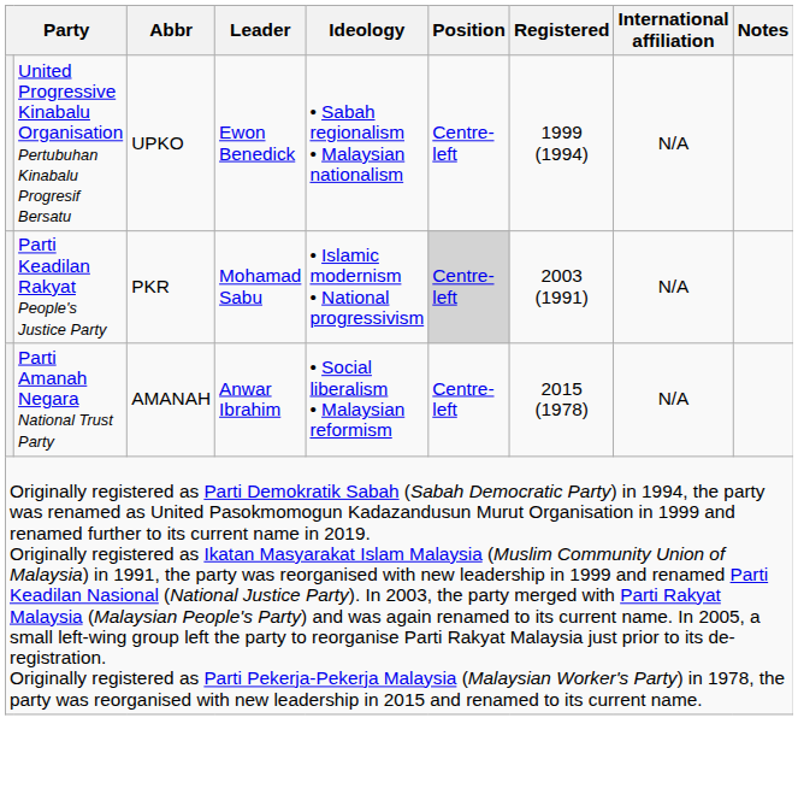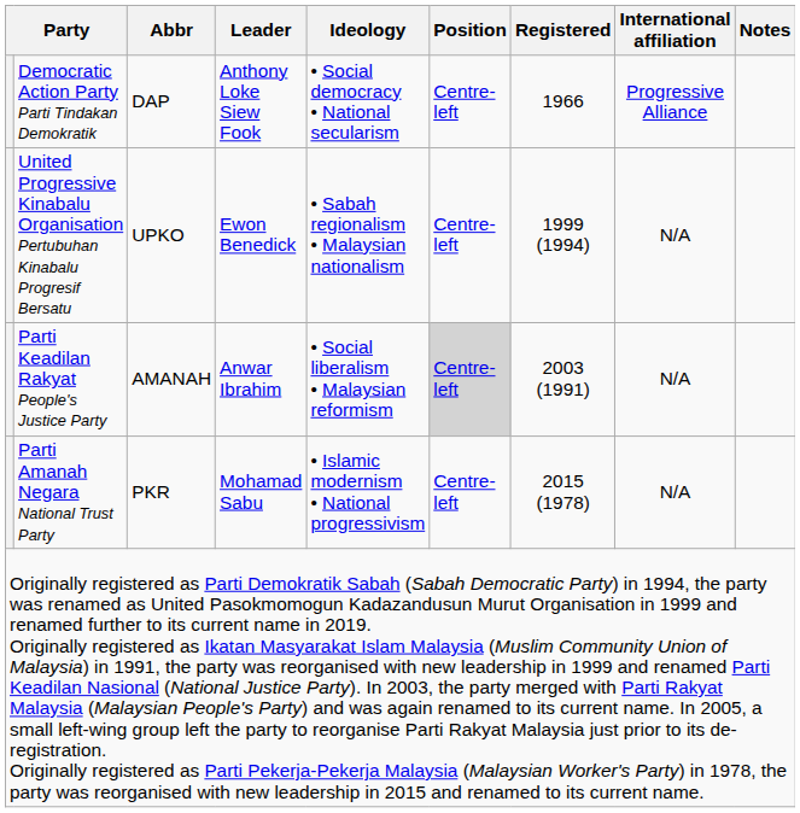 <table class="wikitable sortable collapsible collapsed" width="100%">
 <tr>
 <th colspan="2" scope="col" class="unsortable" width="20px">Party</th>
 <th scope="col" class="unsortable">Abbr</th>
 <th scope="col" class="unsortable">Leader</th>
 <th scope="col" class="unsortable">Ideology</th>
 <th scope="col" class="unsortable">Position</th>
 <th data-sort-type="number" width="10%">Registered</th>
 <th scope="col" class="unsortable">International<br>affiliation</th>
 <th scope="col" class="unsortable">Notes</th>
+</tr>
+<tr>
+<th></th>
+<td><a href='#'>Democratic Action Party</a><br> <small><em>Parti Tindakan Demokratik</em></small></td>
+<td>DAP</td>
+<td><a href='#'>Anthony Loke Siew Fook</a></td>
+<td>• <a href='#'>Social democracy</a> <br> • <a href='#'>National secularism</a></td>
+<td><a href='#'>Centre-left</a></td>
+<td style="text-align:center;">1966</td>
+<td style="text-align:center;"><a href='#'>Progressive Alliance</a></td>
+<td style="text-align:center;"></td>
 </tr>
 <tr>
 <th></th>
 <td><a href='#'>United Progressive Kinabalu Organisation</a><br> <small><em>Pertubuhan Kinabalu Progresif Bersatu</em></small></td>
 <td>UPKO</td>
 <td><a href='#'>Ewon Benedick</a></td>
 <td>• <a href='#'>Sabah regionalism</a> <br> • <a href='#'>Malaysian nationalism</a></td>
 <td><a href='#'>Centre-left</a></td>
 <td style="text-align:center;">1999 (1994)</td>
 <td style="text-align:center;">N/A</td>
 <td style="text-align:center;"></td>
 </tr>
 <tr>
 <th></th>
 <td><a href='#'>Parti Keadilan Rakyat</a><br> <small><em>People's Justice Party</em></small></td>
-<td>PKR</td>
-<td><a href='#'>Mohamad Sabu</a></td>
-<td>• <a href='#'>Islamic modernism</a> <br> • <a href='#'>National progressivism</a></td>
+<td>AMANAH</td>
+<td><a href='#'>Anwar Ibrahim</a></td>
+<td>• <a href='#'>Social liberalism</a> <br> • <a href='#'>Malaysian reformism</a></td>
 <td style="background: lightgrey;"><a href='#'>Centre-left</a></td>
 <td style="text-align:center;">2003 (1991)</td>
 <td style="text-align:center;">N/A</td>
 <td style="text-align:center;"></td>
 </tr>
 <tr>
 <th></th>
 <td><a href='#'>Parti Amanah Negara</a><br> <small><em>National Trust Party</em></small></td>
-<td>AMANAH</td>
-<td><a href='#'>Anwar Ibrahim</a></td>
-<td>• <a href='#'>Social liberalism</a> <br> • <a href='#'>Malaysian reformism</a></td>
+<td>PKR</td>
+<td><a href='#'>Mohamad Sabu</a></td>
+<td>• <a href='#'>Islamic modernism</a> <br> • <a href='#'>National progressivism</a></td>
 <td><a href='#'>Centre-left</a></td>
 <td style="text-align:center;">2015 (1978)</td>
 <td style="text-align:center;">N/A</td>
 <td style="text-align:center;"></td>
 </tr>
 <tr>
 <td colspan=9><br> Originally registered as <a href='#'>Parti Demokratik Sabah</a> (<em>Sabah Democratic Party</em>) in 1994, the party was renamed as United Pasokmomogun Kadazandusun Murut Organisation in 1999 and renamed further to its current name in 2019.<br>  Originally registered as <a href='#'>Ikatan Masyarakat Islam Malaysia</a> (<em>Muslim Community Union of Malaysia</em>) in 1991, the party was reorganised with new leadership in 1999 and renamed <a href='#'>Parti Keadilan Nasional</a> (<em>National Justice Party</em>). In 2003, the party merged with <a href='#'>Parti Rakyat Malaysia</a> (<em>Malaysian People's Party</em>) and was again renamed to its current name. In 2005, a small left-wing group left the party to reorganise Parti Rakyat Malaysia just prior to its de-registration. <br>  Originally registered as <a href='#'>Parti Pekerja-Pekerja Malaysia</a> (<em>Malaysian Worker's Party</em>) in 1978, the party was reorganised with new leadership in 2015 and renamed to its current name.</td>
 </tr>
 </table>
